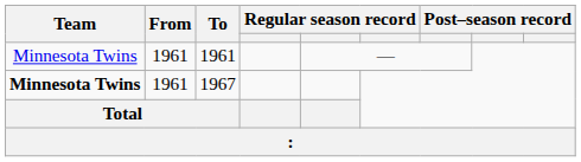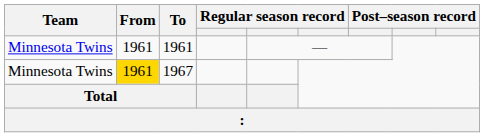 <table class="wikitable" Style="text-align: center">
 <tr>
 <th rowspan="2">Team</th>
 <th rowspan="2">From</th>
 <th rowspan="2">To</th>
 <th colspan="3">Regular season record</th>
 <th colspan="3">Post–season record</th>
 </tr>
 <tr>
 <th></th>
 <th></th>
 <th></th>
 <th></th>
 <th></th>
 <th></th>
 </tr>
 <tr>
 <td><a href='#'>Minnesota Twins</a></td>
 <td>1961</td>
 <td>1961</td>
 <td></td>
 <td colspan="3">—</td>
 </tr>
 <tr>
-<td><strong>Minnesota Twins</strong></td>
-<td>1961</td>
+<td>Minnesota Twins</td>
+<td style="background: gold;">1961</td>
 <td>1967</td>
 <td></td>
 <td></td>
 </tr>
 <tr>
 <th colspan="3">Total</th>
 <th></th>
 <th></th>
 </tr>
 <tr>
 <th colspan="9">:</th>
 </tr>
 </table>
